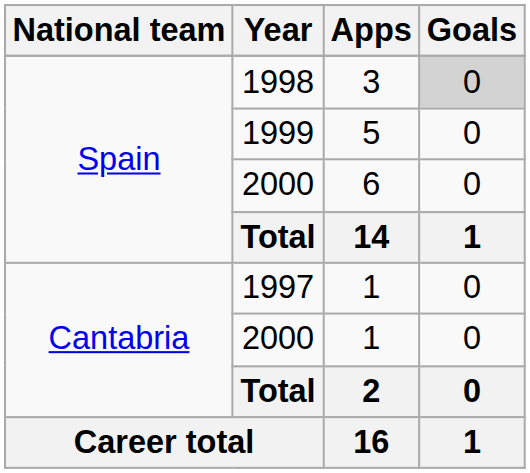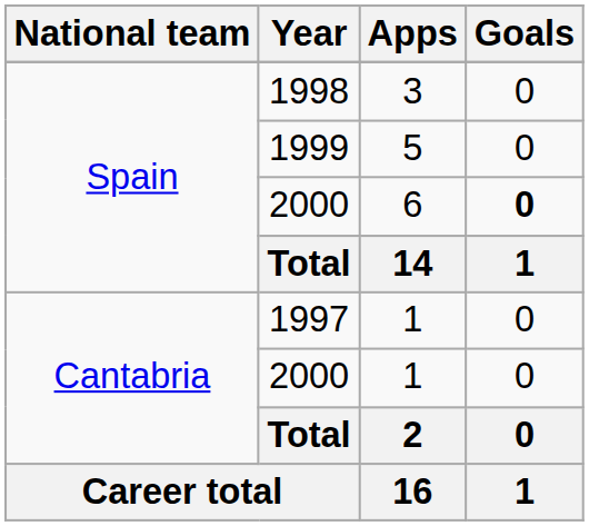 <table class="wikitable" style="text-align:center">
 <tr>
 <th>National team</th>
 <th>Year</th>
 <th>Apps</th>
 <th>Goals</th>
 </tr>
 <tr>
 </tr>
 <tr>
 <td rowspan="4"><a href='#'>Spain</a></td>
 <td>1998</td>
 <td>3</td>
-<td style="background: lightgrey;">0</td>
+<td>0</td>
 </tr>
 <tr>
 <td>1999</td>
 <td>5</td>
 <td>0</td>
 </tr>
 <tr>
 <td>2000</td>
 <td>6</td>
-<td>0</td>
+<td><strong>0</strong></td>
 </tr>
 <tr>
 <th>Total</th>
 <th>14</th>
 <th>1</th>
 </tr>
 <tr>
 <td rowspan="3"><a href='#'>Cantabria</a></td>
 <td>1997</td>
 <td>1</td>
 <td>0</td>
 </tr>
 <tr>
 <td>2000</td>
 <td>1</td>
 <td>0</td>
 </tr>
 <tr>
 <th>Total</th>
 <th>2</th>
 <th>0</th>
 </tr>
 <tr>
 <th colspan="2">Career total</th>
 <th>16</th>
 <th>1</th>
 </tr>
 </table>
